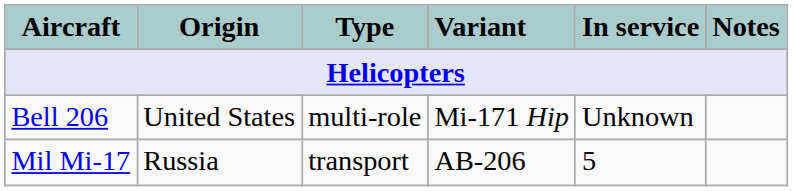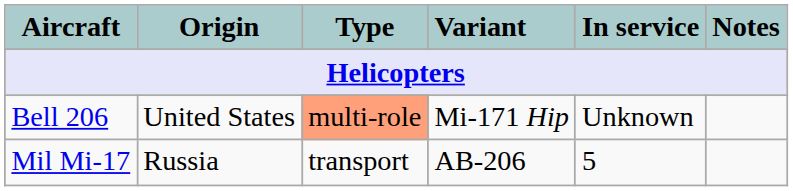 <table class="wikitable">
 <tr>
 <th style="text-align:center; background:#acc;">Aircraft</th>
 <th style="text-align: center; background:#acc;">Origin</th>
 <th style="text-align:l center; background:#acc;">Type</th>
 <th style="text-align:left; background:#acc;">Variant</th>
 <th style="text-align:center; background:#acc;">In service</th>
 <th style="text-align: center; background:#acc;">Notes</th>
 </tr>
 <tr>
 <th style="align: center; background: lavender;" colspan="7"><a href='#'>Helicopters</a></th>
 </tr>
 <tr>
 <td><a href='#'>Bell 206</a></td>
 <td>United States</td>
-<td>multi-role</td>
+<td style="background: lightsalmon;">multi-role</td>
 <td>Mi-171 <em>Hip</em></td>
 <td>Unknown</td>
 <td></td>
 </tr>
 <tr>
 <td><a href='#'>Mil Mi-17</a></td>
 <td>Russia</td>
 <td>transport</td>
 <td>AB-206</td>
 <td>5</td>
 <td></td>
 </tr>
 </table>
